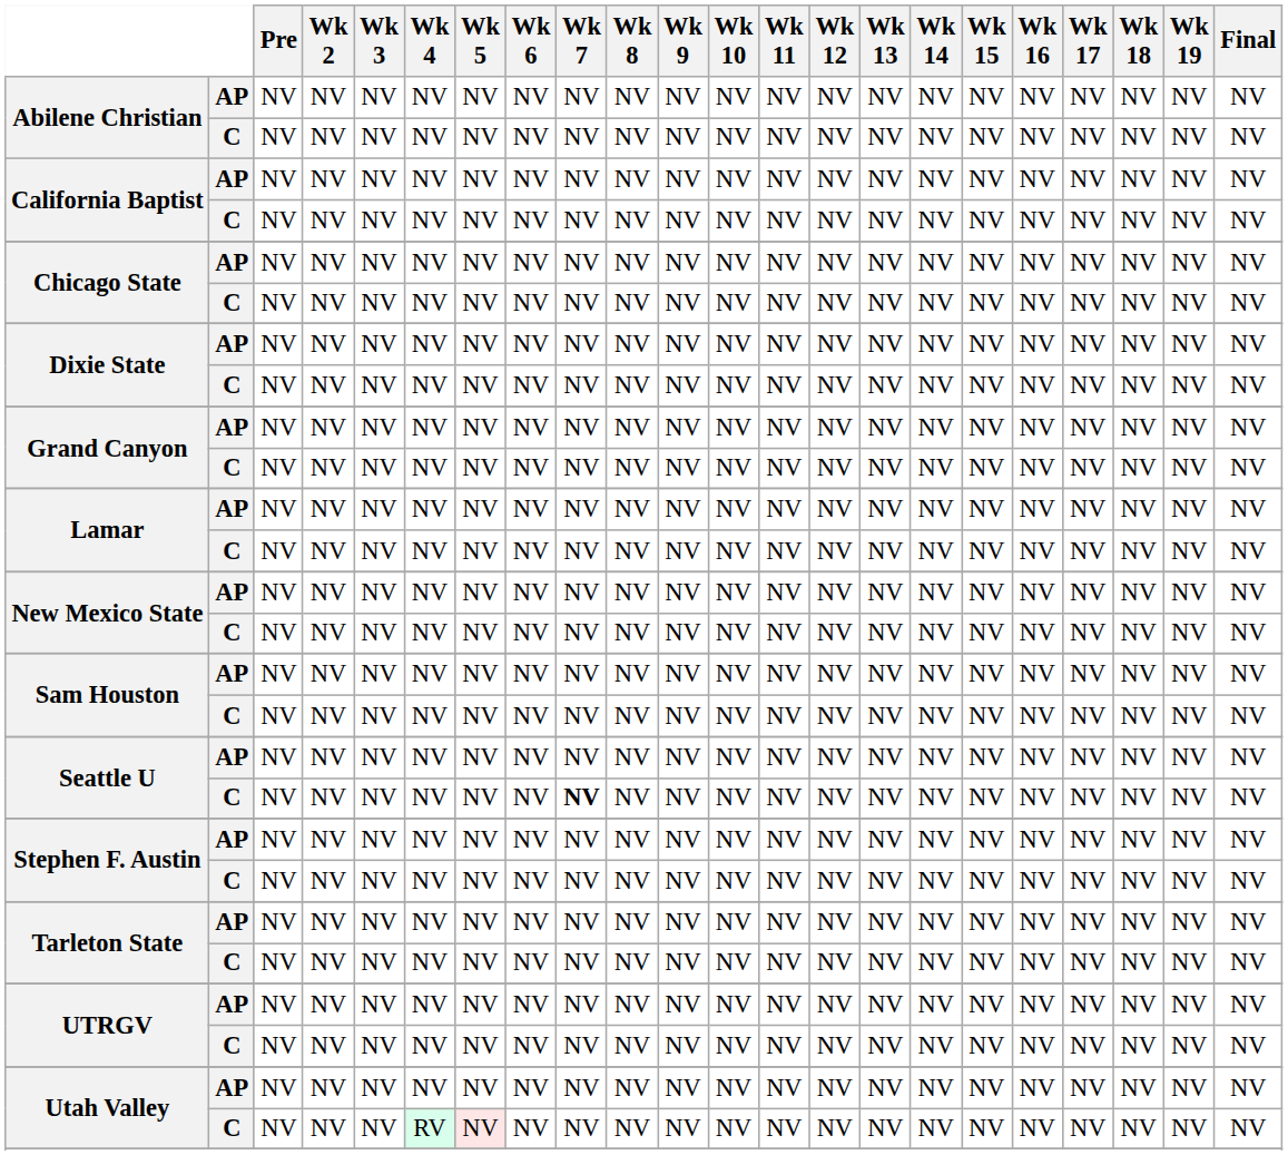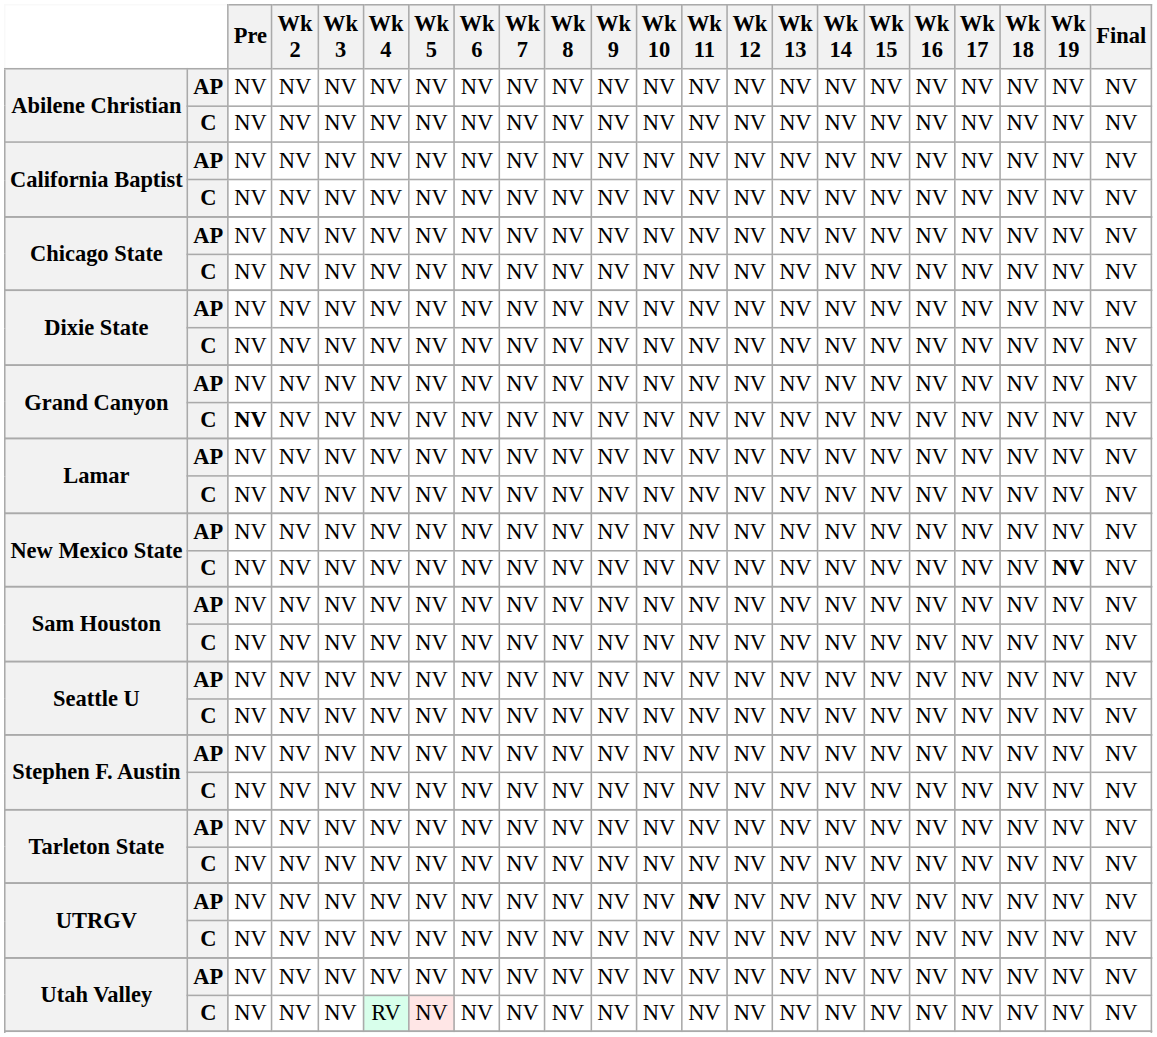 <table class="wikitable" style="white-space:nowrap;font-size:90%;text-align:center;">
 <tr>
 <th colspan=2 style="background:white; border-top-style:hidden; border-left-style:hidden;"> </th>
 <th>Pre</th>
 <th>Wk<br>2</th>
 <th>Wk<br>3</th>
 <th>Wk<br>4</th>
 <th>Wk<br>5</th>
 <th>Wk<br>6</th>
 <th>Wk<br>7</th>
 <th>Wk<br>8</th>
 <th>Wk<br>9</th>
 <th>Wk<br>10</th>
 <th>Wk<br>11</th>
 <th>Wk<br>12</th>
 <th>Wk<br>13</th>
 <th>Wk<br>14</th>
 <th>Wk<br>15</th>
 <th>Wk<br>16</th>
 <th>Wk<br>17</th>
 <th>Wk<br>18</th>
 <th>Wk<br>19</th>
 <th>Final</th>
 </tr>
 <tr>
 <th rowspan=2 style=>Abilene Christian</th>
 <th>AP</th>
 <td style="background:#FFF;">NV</td>
 <td style="background:#FFF;">NV</td>
 <td style="background:#FFF;">NV</td>
 <td style="background:#FFF;">NV</td>
 <td style="background:#FFF;">NV</td>
 <td style="background:#FFF;">NV</td>
 <td style="background:#FFF;">NV</td>
 <td style="background:#FFF;">NV</td>
 <td style="background:#FFF;">NV</td>
 <td style="background:#FFF;">NV</td>
 <td style="background:#FFF;">NV</td>
 <td style="background:#FFF;">NV</td>
 <td style="background:#FFF;">NV</td>
 <td style="background:#FFF;">NV</td>
 <td style="background:#FFF;">NV</td>
 <td style="background:#FFF;">NV</td>
 <td style="background:#FFF;">NV</td>
 <td style="background:#FFF;">NV</td>
 <td style="background:#FFF;">NV</td>
 <td style="background:#FFF;">NV</td>
 </tr>
 <tr>
 <th>C</th>
 <td style="background:#FFF;">NV</td>
 <td style="background:#FFF;">NV</td>
 <td style="background:#FFF;">NV</td>
 <td style="background:#FFF;">NV</td>
 <td style="background:#FFF;">NV</td>
 <td style="background:#FFF;">NV</td>
 <td style="background:#FFF;">NV</td>
 <td style="background:#FFF;">NV</td>
 <td style="background:#FFF;">NV</td>
 <td style="background:#FFF;">NV</td>
 <td style="background:#FFF;">NV</td>
 <td style="background:#FFF;">NV</td>
 <td style="background:#FFF;">NV</td>
 <td style="background:#FFF;">NV</td>
 <td style="background:#FFF;">NV</td>
 <td style="background:#FFF;">NV</td>
 <td style="background:#FFF;">NV</td>
 <td style="background:#FFF;">NV</td>
 <td style="background:#FFF;">NV</td>
 <td style="background:#FFF;">NV</td>
 </tr>
 <tr>
 <th rowspan=2 style=>California Baptist</th>
 <th>AP</th>
 <td style="background:#FFF;">NV</td>
 <td style="background:#FFF;">NV</td>
 <td style="background:#FFF;">NV</td>
 <td style="background:#FFF;">NV</td>
 <td style="background:#FFF;">NV</td>
 <td style="background:#FFF;">NV</td>
 <td style="background:#FFF;">NV</td>
 <td style="background:#FFF;">NV</td>
 <td style="background:#FFF;">NV</td>
 <td style="background:#FFF;">NV</td>
 <td style="background:#FFF;">NV</td>
 <td style="background:#FFF;">NV</td>
 <td style="background:#FFF;">NV</td>
 <td style="background:#FFF;">NV</td>
 <td style="background:#FFF;">NV</td>
 <td style="background:#FFF;">NV</td>
 <td style="background:#FFF;">NV</td>
 <td style="background:#FFF;">NV</td>
 <td style="background:#FFF;">NV</td>
 <td style="background:#FFF;">NV</td>
 </tr>
 <tr>
 <th>C</th>
 <td style="background:#FFF;">NV</td>
 <td style="background:#FFF;">NV</td>
 <td style="background:#FFF;">NV</td>
 <td style="background:#FFF;">NV</td>
 <td style="background:#FFF;">NV</td>
 <td style="background:#FFF;">NV</td>
 <td style="background:#FFF;">NV</td>
 <td style="background:#FFF;">NV</td>
 <td style="background:#FFF;">NV</td>
 <td style="background:#FFF;">NV</td>
 <td style="background:#FFF;">NV</td>
 <td style="background:#FFF;">NV</td>
 <td style="background:#FFF;">NV</td>
 <td style="background:#FFF;">NV</td>
 <td style="background:#FFF;">NV</td>
 <td style="background:#FFF;">NV</td>
 <td style="background:#FFF;">NV</td>
 <td style="background:#FFF;">NV</td>
 <td style="background:#FFF;">NV</td>
 <td style="background:#FFF;">NV</td>
 </tr>
 <tr>
 </tr>
 <tr>
 <th rowspan=2 style=>Chicago State</th>
 <th>AP</th>
 <td style="background:#FFF;">NV</td>
 <td style="background:#FFF;">NV</td>
 <td style="background:#FFF;">NV</td>
 <td style="background:#FFF;">NV</td>
 <td style="background:#FFF;">NV</td>
 <td style="background:#FFF;">NV</td>
 <td style="background:#FFF;">NV</td>
 <td style="background:#FFF;">NV</td>
 <td style="background:#FFF;">NV</td>
 <td style="background:#FFF;">NV</td>
 <td style="background:#FFF;">NV</td>
 <td style="background:#FFF;">NV</td>
 <td style="background:#FFF;">NV</td>
 <td style="background:#FFF;">NV</td>
 <td style="background:#FFF;">NV</td>
 <td style="background:#FFF;">NV</td>
 <td style="background:#FFF;">NV</td>
 <td style="background:#FFF;">NV</td>
 <td style="background:#FFF;">NV</td>
 <td style="background:#FFF;">NV</td>
 </tr>
 <tr>
 <th>C</th>
 <td style="background:#FFF;">NV</td>
 <td style="background:#FFF;">NV</td>
 <td style="background:#FFF;">NV</td>
 <td style="background:#FFF;">NV</td>
 <td style="background:#FFF;">NV</td>
 <td style="background:#FFF;">NV</td>
 <td style="background:#FFF;">NV</td>
 <td style="background:#FFF;">NV</td>
 <td style="background:#FFF;">NV</td>
 <td style="background:#FFF;">NV</td>
 <td style="background:#FFF;">NV</td>
 <td style="background:#FFF;">NV</td>
 <td style="background:#FFF;">NV</td>
 <td style="background:#FFF;">NV</td>
 <td style="background:#FFF;">NV</td>
 <td style="background:#FFF;">NV</td>
 <td style="background:#FFF;">NV</td>
 <td style="background:#FFF;">NV</td>
 <td style="background:#FFF;">NV</td>
 <td style="background:#FFF;">NV</td>
 </tr>
 <tr>
 </tr>
 <tr>
 <th rowspan=2 style=>Dixie State</th>
 <th>AP</th>
 <td style="background:#FFF;">NV</td>
 <td style="background:#FFF;">NV</td>
 <td style="background:#FFF;">NV</td>
 <td style="background:#FFF;">NV</td>
 <td style="background:#FFF;">NV</td>
 <td style="background:#FFF;">NV</td>
 <td style="background:#FFF;">NV</td>
 <td style="background:#FFF;">NV</td>
 <td style="background:#FFF;">NV</td>
 <td style="background:#FFF;">NV</td>
 <td style="background:#FFF;">NV</td>
 <td style="background:#FFF;">NV</td>
 <td style="background:#FFF;">NV</td>
 <td style="background:#FFF;">NV</td>
 <td style="background:#FFF;">NV</td>
 <td style="background:#FFF;">NV</td>
 <td style="background:#FFF;">NV</td>
 <td style="background:#FFF;">NV</td>
 <td style="background:#FFF;">NV</td>
 <td style="background:#FFF;">NV</td>
 </tr>
 <tr>
 <th>C</th>
 <td style="background:#FFF;">NV</td>
 <td style="background:#FFF;">NV</td>
 <td style="background:#FFF;">NV</td>
 <td style="background:#FFF;">NV</td>
 <td style="background:#FFF;">NV</td>
 <td style="background:#FFF;">NV</td>
 <td style="background:#FFF;">NV</td>
 <td style="background:#FFF;">NV</td>
 <td style="background:#FFF;">NV</td>
 <td style="background:#FFF;">NV</td>
 <td style="background:#FFF;">NV</td>
 <td style="background:#FFF;">NV</td>
 <td style="background:#FFF;">NV</td>
 <td style="background:#FFF;">NV</td>
 <td style="background:#FFF;">NV</td>
 <td style="background:#FFF;">NV</td>
 <td style="background:#FFF;">NV</td>
 <td style="background:#FFF;">NV</td>
 <td style="background:#FFF;">NV</td>
 <td style="background:#FFF;">NV</td>
 </tr>
 <tr>
 </tr>
 <tr>
 <th rowspan=2 style=>Grand Canyon</th>
 <th>AP</th>
 <td style="background:#FFF;">NV</td>
 <td style="background:#FFF;">NV</td>
 <td style="background:#FFF;">NV</td>
 <td style="background:#FFF;">NV</td>
 <td style="background:#FFF;">NV</td>
 <td style="background:#FFF;">NV</td>
 <td style="background:#FFF;">NV</td>
 <td style="background:#FFF;">NV</td>
 <td style="background:#FFF;">NV</td>
 <td style="background:#FFF;">NV</td>
 <td style="background:#FFF;">NV</td>
 <td style="background:#FFF;">NV</td>
 <td style="background:#FFF;">NV</td>
 <td style="background:#FFF;">NV</td>
 <td style="background:#FFF;">NV</td>
 <td style="background:#FFF;">NV</td>
 <td style="background:#FFF;">NV</td>
 <td style="background:#FFF;">NV</td>
 <td style="background:#FFF;">NV</td>
 <td style="background:#FFF;">NV</td>
 </tr>
 <tr>
 <th>C</th>
-<td style="background:#FFF;">NV</td>
+<td style="background:#FFF;"><strong>NV</strong></td>
 <td style="background:#FFF;">NV</td>
 <td style="background:#FFF;">NV</td>
 <td style="background:#FFF;">NV</td>
 <td style="background:#FFF;">NV</td>
 <td style="background:#FFF;">NV</td>
 <td style="background:#FFF;">NV</td>
 <td style="background:#FFF;">NV</td>
 <td style="background:#FFF;">NV</td>
 <td style="background:#FFF;">NV</td>
 <td style="background:#FFF;">NV</td>
 <td style="background:#FFF;">NV</td>
 <td style="background:#FFF;">NV</td>
 <td style="background:#FFF;">NV</td>
 <td style="background:#FFF;">NV</td>
 <td style="background:#FFF;">NV</td>
 <td style="background:#FFF;">NV</td>
 <td style="background:#FFF;">NV</td>
 <td style="background:#FFF;">NV</td>
 <td style="background:#FFF;">NV</td>
 </tr>
 <tr>
 </tr>
 <tr>
 <th rowspan=2 style=>Lamar</th>
 <th>AP</th>
 <td style="background:#FFF;">NV</td>
 <td style="background:#FFF;">NV</td>
 <td style="background:#FFF;">NV</td>
 <td style="background:#FFF;">NV</td>
 <td style="background:#FFF;">NV</td>
 <td style="background:#FFF;">NV</td>
 <td style="background:#FFF;">NV</td>
 <td style="background:#FFF;">NV</td>
 <td style="background:#FFF;">NV</td>
 <td style="background:#FFF;">NV</td>
 <td style="background:#FFF;">NV</td>
 <td style="background:#FFF;">NV</td>
 <td style="background:#FFF;">NV</td>
 <td style="background:#FFF;">NV</td>
 <td style="background:#FFF;">NV</td>
 <td style="background:#FFF;">NV</td>
 <td style="background:#FFF;">NV</td>
 <td style="background:#FFF;">NV</td>
 <td style="background:#FFF;">NV</td>
 <td style="background:#FFF;">NV</td>
 </tr>
 <tr>
 <th>C</th>
 <td style="background:#FFF;">NV</td>
 <td style="background:#FFF;">NV</td>
 <td style="background:#FFF;">NV</td>
 <td style="background:#FFF;">NV</td>
 <td style="background:#FFF;">NV</td>
 <td style="background:#FFF;">NV</td>
 <td style="background:#FFF;">NV</td>
 <td style="background:#FFF;">NV</td>
 <td style="background:#FFF;">NV</td>
 <td style="background:#FFF;">NV</td>
 <td style="background:#FFF;">NV</td>
 <td style="background:#FFF;">NV</td>
 <td style="background:#FFF;">NV</td>
 <td style="background:#FFF;">NV</td>
 <td style="background:#FFF;">NV</td>
 <td style="background:#FFF;">NV</td>
 <td style="background:#FFF;">NV</td>
 <td style="background:#FFF;">NV</td>
 <td style="background:#FFF;">NV</td>
 <td style="background:#FFF;">NV</td>
 </tr>
 <tr>
 </tr>
 <tr>
 <th rowspan=2 style=>New Mexico State</th>
 <th>AP</th>
 <td style="background:#FFF;">NV</td>
 <td style="background:#FFF;">NV</td>
 <td style="background:#FFF;">NV</td>
 <td style="background:#FFF;">NV</td>
 <td style="background:#FFF;">NV</td>
 <td style="background:#FFF;">NV</td>
 <td style="background:#FFF;">NV</td>
 <td style="background:#FFF;">NV</td>
 <td style="background:#FFF;">NV</td>
 <td style="background:#FFF;">NV</td>
 <td style="background:#FFF;">NV</td>
 <td style="background:#FFF;">NV</td>
 <td style="background:#FFF;">NV</td>
 <td style="background:#FFF;">NV</td>
 <td style="background:#FFF;">NV</td>
 <td style="background:#FFF;">NV</td>
 <td style="background:#FFF;">NV</td>
 <td style="background:#FFF;">NV</td>
 <td style="background:#FFF;">NV</td>
 <td style="background:#FFF;">NV</td>
 </tr>
 <tr>
 <th>C</th>
 <td style="background:#FFF;">NV</td>
 <td style="background:#FFF;">NV</td>
 <td style="background:#FFF;">NV</td>
 <td style="background:#FFF;">NV</td>
 <td style="background:#FFF;">NV</td>
 <td style="background:#FFF;">NV</td>
 <td style="background:#FFF;">NV</td>
 <td style="background:#FFF;">NV</td>
 <td style="background:#FFF;">NV</td>
 <td style="background:#FFF;">NV</td>
 <td style="background:#FFF;">NV</td>
 <td style="background:#FFF;">NV</td>
 <td style="background:#FFF;">NV</td>
 <td style="background:#FFF;">NV</td>
 <td style="background:#FFF;">NV</td>
 <td style="background:#FFF;">NV</td>
 <td style="background:#FFF;">NV</td>
 <td style="background:#FFF;">NV</td>
-<td style="background:#FFF;">NV</td>
+<td style="background:#FFF;"><strong>NV</strong></td>
 <td style="background:#FFF;">NV</td>
 </tr>
 <tr>
 </tr>
 <tr>
 <th rowspan=2 style=>Sam Houston</th>
 <th>AP</th>
 <td style="background:#FFF;">NV</td>
 <td style="background:#FFF;">NV</td>
 <td style="background:#FFF;">NV</td>
 <td style="background:#FFF;">NV</td>
 <td style="background:#FFF;">NV</td>
 <td style="background:#FFF;">NV</td>
 <td style="background:#FFF;">NV</td>
 <td style="background:#FFF;">NV</td>
 <td style="background:#FFF;">NV</td>
 <td style="background:#FFF;">NV</td>
 <td style="background:#FFF;">NV</td>
 <td style="background:#FFF;">NV</td>
 <td style="background:#FFF;">NV</td>
 <td style="background:#FFF;">NV</td>
 <td style="background:#FFF;">NV</td>
 <td style="background:#FFF;">NV</td>
 <td style="background:#FFF;">NV</td>
 <td style="background:#FFF;">NV</td>
 <td style="background:#FFF;">NV</td>
 <td style="background:#FFF;">NV</td>
 </tr>
 <tr>
 <th>C</th>
 <td style="background:#FFF;">NV</td>
 <td style="background:#FFF;">NV</td>
 <td style="background:#FFF;">NV</td>
 <td style="background:#FFF;">NV</td>
 <td style="background:#FFF;">NV</td>
 <td style="background:#FFF;">NV</td>
 <td style="background:#FFF;">NV</td>
 <td style="background:#FFF;">NV</td>
 <td style="background:#FFF;">NV</td>
 <td style="background:#FFF;">NV</td>
 <td style="background:#FFF;">NV</td>
 <td style="background:#FFF;">NV</td>
 <td style="background:#FFF;">NV</td>
 <td style="background:#FFF;">NV</td>
 <td style="background:#FFF;">NV</td>
 <td style="background:#FFF;">NV</td>
 <td style="background:#FFF;">NV</td>
 <td style="background:#FFF;">NV</td>
 <td style="background:#FFF;">NV</td>
 <td style="background:#FFF;">NV</td>
 </tr>
 <tr>
 </tr>
 <tr>
 <th rowspan=2 style=>Seattle U</th>
 <th>AP</th>
 <td style="background:#FFF;">NV</td>
 <td style="background:#FFF;">NV</td>
 <td style="background:#FFF;">NV</td>
 <td style="background:#FFF;">NV</td>
 <td style="background:#FFF;">NV</td>
 <td style="background:#FFF;">NV</td>
 <td style="background:#FFF;">NV</td>
 <td style="background:#FFF;">NV</td>
 <td style="background:#FFF;">NV</td>
 <td style="background:#FFF;">NV</td>
 <td style="background:#FFF;">NV</td>
 <td style="background:#FFF;">NV</td>
 <td style="background:#FFF;">NV</td>
 <td style="background:#FFF;">NV</td>
 <td style="background:#FFF;">NV</td>
 <td style="background:#FFF;">NV</td>
 <td style="background:#FFF;">NV</td>
 <td style="background:#FFF;">NV</td>
 <td style="background:#FFF;">NV</td>
 <td style="background:#FFF;">NV</td>
 </tr>
 <tr>
 <th>C</th>
 <td style="background:#FFF;">NV</td>
 <td style="background:#FFF;">NV</td>
 <td style="background:#FFF;">NV</td>
 <td style="background:#FFF;">NV</td>
 <td style="background:#FFF;">NV</td>
 <td style="background:#FFF;">NV</td>
-<td style="background:#FFF;"><strong>NV</strong></td>
+<td style="background:#FFF;">NV</td>
 <td style="background:#FFF;">NV</td>
 <td style="background:#FFF;">NV</td>
 <td style="background:#FFF;">NV</td>
 <td style="background:#FFF;">NV</td>
 <td style="background:#FFF;">NV</td>
 <td style="background:#FFF;">NV</td>
 <td style="background:#FFF;">NV</td>
 <td style="background:#FFF;">NV</td>
 <td style="background:#FFF;">NV</td>
 <td style="background:#FFF;">NV</td>
 <td style="background:#FFF;">NV</td>
 <td style="background:#FFF;">NV</td>
 <td style="background:#FFF;">NV</td>
 </tr>
 <tr>
 </tr>
 <tr>
 <th rowspan=2 style=>Stephen F. Austin</th>
 <th>AP</th>
 <td style="background:#FFF;">NV</td>
 <td style="background:#FFF;">NV</td>
 <td style="background:#FFF;">NV</td>
 <td style="background:#FFF;">NV</td>
 <td style="background:#FFF;">NV</td>
 <td style="background:#FFF;">NV</td>
 <td style="background:#FFF;">NV</td>
 <td style="background:#FFF;">NV</td>
 <td style="background:#FFF;">NV</td>
 <td style="background:#FFF;">NV</td>
 <td style="background:#FFF;">NV</td>
 <td style="background:#FFF;">NV</td>
 <td style="background:#FFF;">NV</td>
 <td style="background:#FFF;">NV</td>
 <td style="background:#FFF;">NV</td>
 <td style="background:#FFF;">NV</td>
 <td style="background:#FFF;">NV</td>
 <td style="background:#FFF;">NV</td>
 <td style="background:#FFF;">NV</td>
 <td style="background:#FFF;">NV</td>
 </tr>
 <tr>
 <th>C</th>
 <td style="background:#FFF;">NV</td>
 <td style="background:#FFF;">NV</td>
 <td style="background:#FFF;">NV</td>
 <td style="background:#FFF;">NV</td>
 <td style="background:#FFF;">NV</td>
 <td style="background:#FFF;">NV</td>
 <td style="background:#FFF;">NV</td>
 <td style="background:#FFF;">NV</td>
 <td style="background:#FFF;">NV</td>
 <td style="background:#FFF;">NV</td>
 <td style="background:#FFF;">NV</td>
 <td style="background:#FFF;">NV</td>
 <td style="background:#FFF;">NV</td>
 <td style="background:#FFF;">NV</td>
 <td style="background:#FFF;">NV</td>
 <td style="background:#FFF;">NV</td>
 <td style="background:#FFF;">NV</td>
 <td style="background:#FFF;">NV</td>
 <td style="background:#FFF;">NV</td>
 <td style="background:#FFF;">NV</td>
 </tr>
 <tr>
 </tr>
 <tr>
 <th rowspan=2 style=>Tarleton State</th>
 <th>AP</th>
 <td style="background:#FFF;">NV</td>
 <td style="background:#FFF;">NV</td>
 <td style="background:#FFF;">NV</td>
 <td style="background:#FFF;">NV</td>
 <td style="background:#FFF;">NV</td>
 <td style="background:#FFF;">NV</td>
 <td style="background:#FFF;">NV</td>
 <td style="background:#FFF;">NV</td>
 <td style="background:#FFF;">NV</td>
 <td style="background:#FFF;">NV</td>
 <td style="background:#FFF;">NV</td>
 <td style="background:#FFF;">NV</td>
 <td style="background:#FFF;">NV</td>
 <td style="background:#FFF;">NV</td>
 <td style="background:#FFF;">NV</td>
 <td style="background:#FFF;">NV</td>
 <td style="background:#FFF;">NV</td>
 <td style="background:#FFF;">NV</td>
 <td style="background:#FFF;">NV</td>
 <td style="background:#FFF;">NV</td>
 </tr>
 <tr>
 <th>C</th>
 <td style="background:#FFF;">NV</td>
 <td style="background:#FFF;">NV</td>
 <td style="background:#FFF;">NV</td>
 <td style="background:#FFF;">NV</td>
 <td style="background:#FFF;">NV</td>
 <td style="background:#FFF;">NV</td>
 <td style="background:#FFF;">NV</td>
 <td style="background:#FFF;">NV</td>
 <td style="background:#FFF;">NV</td>
 <td style="background:#FFF;">NV</td>
 <td style="background:#FFF;">NV</td>
 <td style="background:#FFF;">NV</td>
 <td style="background:#FFF;">NV</td>
 <td style="background:#FFF;">NV</td>
 <td style="background:#FFF;">NV</td>
 <td style="background:#FFF;">NV</td>
 <td style="background:#FFF;">NV</td>
 <td style="background:#FFF;">NV</td>
 <td style="background:#FFF;">NV</td>
 <td style="background:#FFF;">NV</td>
 </tr>
 <tr>
 </tr>
 <tr>
 <th rowspan=2 style=>UTRGV</th>
 <th>AP</th>
 <td style="background:#FFF;">NV</td>
 <td style="background:#FFF;">NV</td>
 <td style="background:#FFF;">NV</td>
 <td style="background:#FFF;">NV</td>
 <td style="background:#FFF;">NV</td>
 <td style="background:#FFF;">NV</td>
 <td style="background:#FFF;">NV</td>
 <td style="background:#FFF;">NV</td>
 <td style="background:#FFF;">NV</td>
 <td style="background:#FFF;">NV</td>
-<td style="background:#FFF;">NV</td>
+<td style="background:#FFF;"><strong>NV</strong></td>
 <td style="background:#FFF;">NV</td>
 <td style="background:#FFF;">NV</td>
 <td style="background:#FFF;">NV</td>
 <td style="background:#FFF;">NV</td>
 <td style="background:#FFF;">NV</td>
 <td style="background:#FFF;">NV</td>
 <td style="background:#FFF;">NV</td>
 <td style="background:#FFF;">NV</td>
 <td style="background:#FFF;">NV</td>
 </tr>
 <tr>
 <th>C</th>
 <td style="background:#FFF;">NV</td>
 <td style="background:#FFF;">NV</td>
 <td style="background:#FFF;">NV</td>
 <td style="background:#FFF;">NV</td>
 <td style="background:#FFF;">NV</td>
 <td style="background:#FFF;">NV</td>
 <td style="background:#FFF;">NV</td>
 <td style="background:#FFF;">NV</td>
 <td style="background:#FFF;">NV</td>
 <td style="background:#FFF;">NV</td>
 <td style="background:#FFF;">NV</td>
 <td style="background:#FFF;">NV</td>
 <td style="background:#FFF;">NV</td>
 <td style="background:#FFF;">NV</td>
 <td style="background:#FFF;">NV</td>
 <td style="background:#FFF;">NV</td>
 <td style="background:#FFF;">NV</td>
 <td style="background:#FFF;">NV</td>
 <td style="background:#FFF;">NV</td>
 <td style="background:#FFF;">NV</td>
 </tr>
 <tr>
 </tr>
 <tr>
 <th rowspan=2 style=>Utah Valley</th>
 <th>AP</th>
 <td style="background:#FFF;">NV</td>
 <td style="background:#FFF;">NV</td>
 <td style="background:#FFF;">NV</td>
 <td style="background:#FFF;">NV</td>
 <td style="background:#FFF;">NV</td>
 <td style="background:#FFF;">NV</td>
 <td style="background:#FFF;">NV</td>
 <td style="background:#FFF;">NV</td>
 <td style="background:#FFF;">NV</td>
 <td style="background:#FFF;">NV</td>
 <td style="background:#FFF;">NV</td>
 <td style="background:#FFF;">NV</td>
 <td style="background:#FFF;">NV</td>
 <td style="background:#FFF;">NV</td>
 <td style="background:#FFF;">NV</td>
 <td style="background:#FFF;">NV</td>
 <td style="background:#FFF;">NV</td>
 <td style="background:#FFF;">NV</td>
 <td style="background:#FFF;">NV</td>
 <td style="background:#FFF;">NV</td>
 </tr>
 <tr>
 <th>C</th>
 <td style="background:#FFF;">NV</td>
 <td style="background:#FFF;">NV</td>
 <td style="background:#FFF;">NV</td>
 <td style="background:#d8ffeb;">RV</td>
 <td style="background:#ffe6e6;">NV</td>
 <td style="background:#FFF;">NV</td>
 <td style="background:#FFF;">NV</td>
 <td style="background:#FFF;">NV</td>
 <td style="background:#FFF;">NV</td>
 <td style="background:#FFF;">NV</td>
 <td style="background:#FFF;">NV</td>
 <td style="background:#FFF;">NV</td>
 <td style="background:#FFF;">NV</td>
 <td style="background:#FFF;">NV</td>
 <td style="background:#FFF;">NV</td>
 <td style="background:#FFF;">NV</td>
 <td style="background:#FFF;">NV</td>
 <td style="background:#FFF;">NV</td>
 <td style="background:#FFF;">NV</td>
 <td style="background:#FFF;">NV</td>
 </tr>
 <tr>
 </tr>
 <tr>
 </tr>
 </table>
